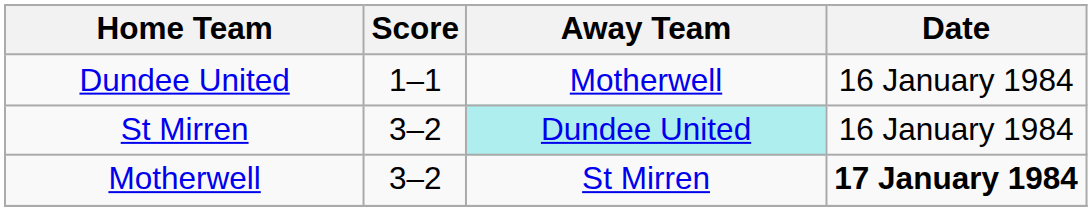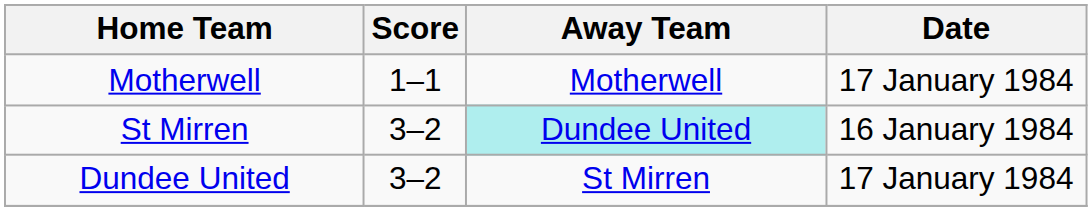 <table class="wikitable" style="text-align:center;">
 <tr>
 <th width=175>Home Team</th>
 <th width=20>Score</th>
 <th width=175>Away Team</th>
 <th width= 125>Date</th>
 </tr>
 <tr>
-<td><a href='#'>Dundee United</a></td>
+<td><a href='#'>Motherwell</a></td>
 <td>   1–1</td>
 <td><a href='#'>Motherwell</a></td>
-<td>16 January 1984</td>
+<td>17 January 1984</td>
 </tr>
 <tr>
 <td><a href='#'>St Mirren</a></td>
 <td>3–2</td>
 <td style="background: paleturquoise;"><a href='#'>Dundee United</a></td>
 <td>16 January 1984</td>
 </tr>
 <tr>
-<td><a href='#'>Motherwell</a></td>
+<td><a href='#'>Dundee United</a></td>
 <td>3–2</td>
 <td><a href='#'>St Mirren</a></td>
-<td><strong>17 January 1984</strong></td>
+<td>17 January 1984</td>
 </tr>
 <tr>
 </tr>
 </table>
